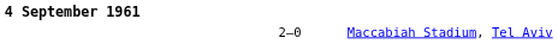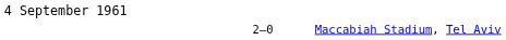 <table style="width:100%;" cellspacing="1">
 <tr>
 <th width=25%></th>
 <th width=10%></th>
 <th></th>
 </tr>
 <tr>
-<td><strong>4 September 1961</strong></td>
+<td>4 September 1961</td>
 </tr>
 <tr>
 </tr>
 <tr style=font-size:90%>
 <td align=right></td>
 <td align=center>2–0</td>
 <td></td>
 <td><a href='#'>Maccabiah Stadium</a>, <a href='#'>Tel Aviv</a></td>
 </tr>
 </table>
